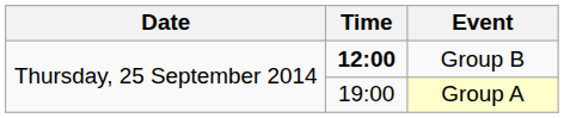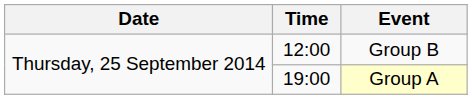 <table class = "wikitable" style="text-align:center;">
 <tr>
 <th width=220>Date</th>
 <th width=50>Time</th>
 <th width=100>Event</th>
 </tr>
 <tr>
 <td rowspan=2>Thursday, 25 September 2014</td>
-<td><strong>12:00</strong></td>
+<td>12:00</td>
 <td>Group B</td>
 </tr>
 <tr>
 <td>19:00</td>
 <td bgcolor=ffffcc>Group A</td>
 </tr>
 </table>
